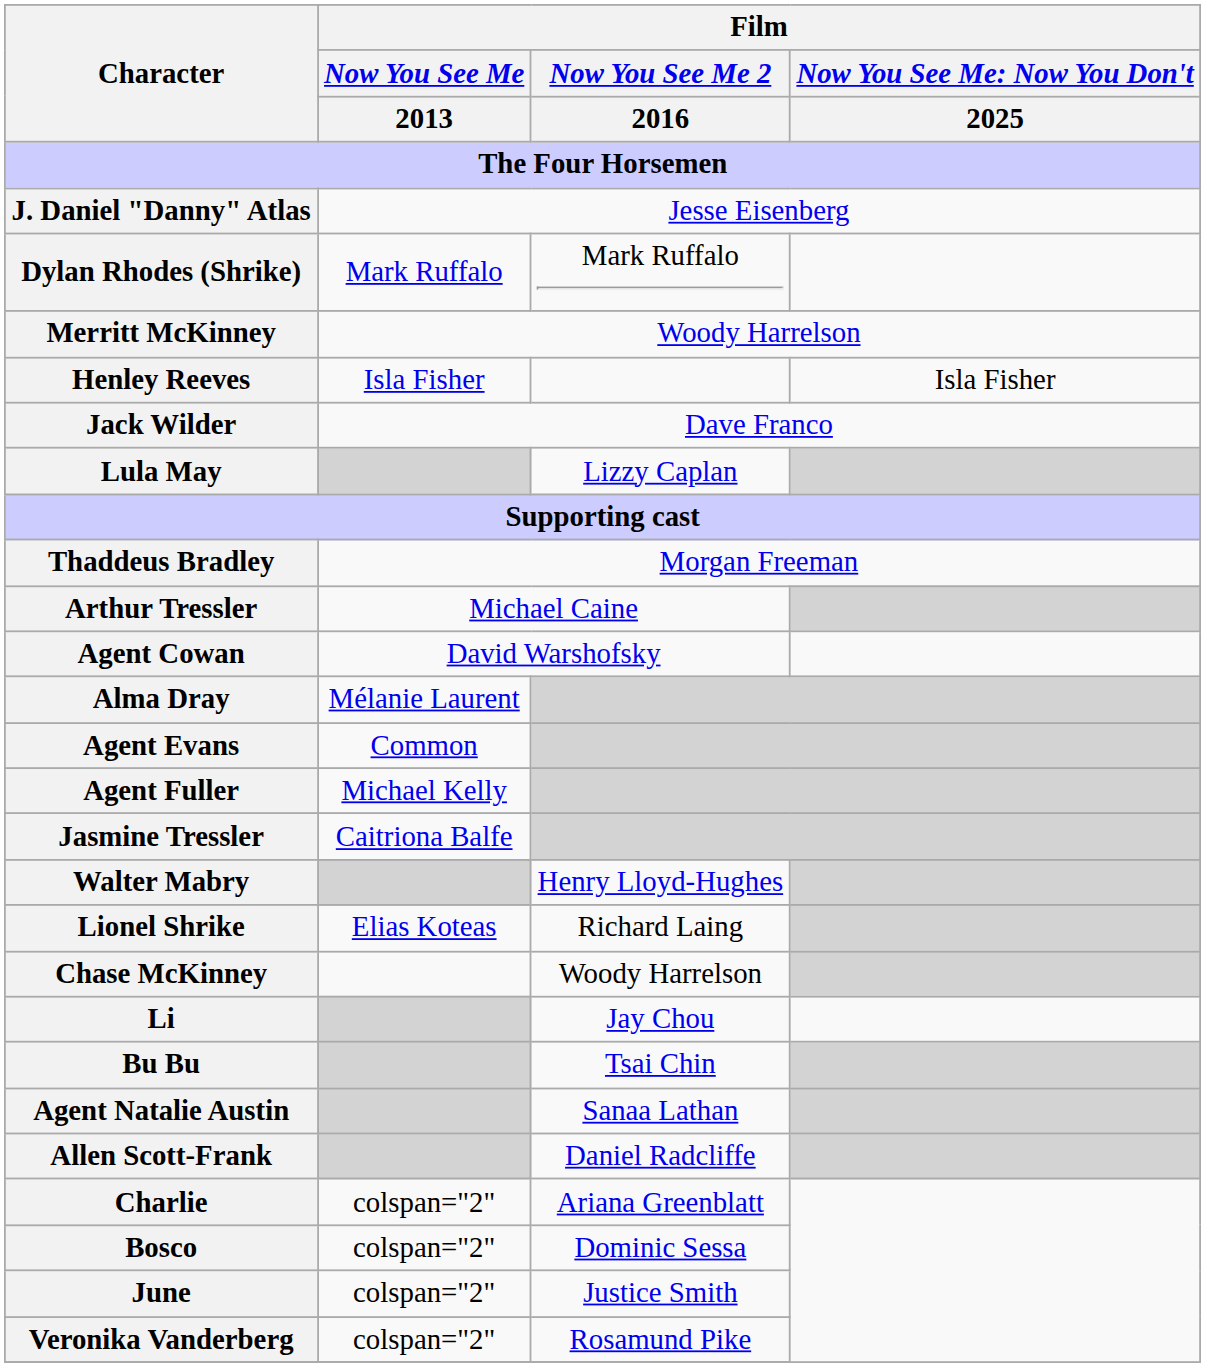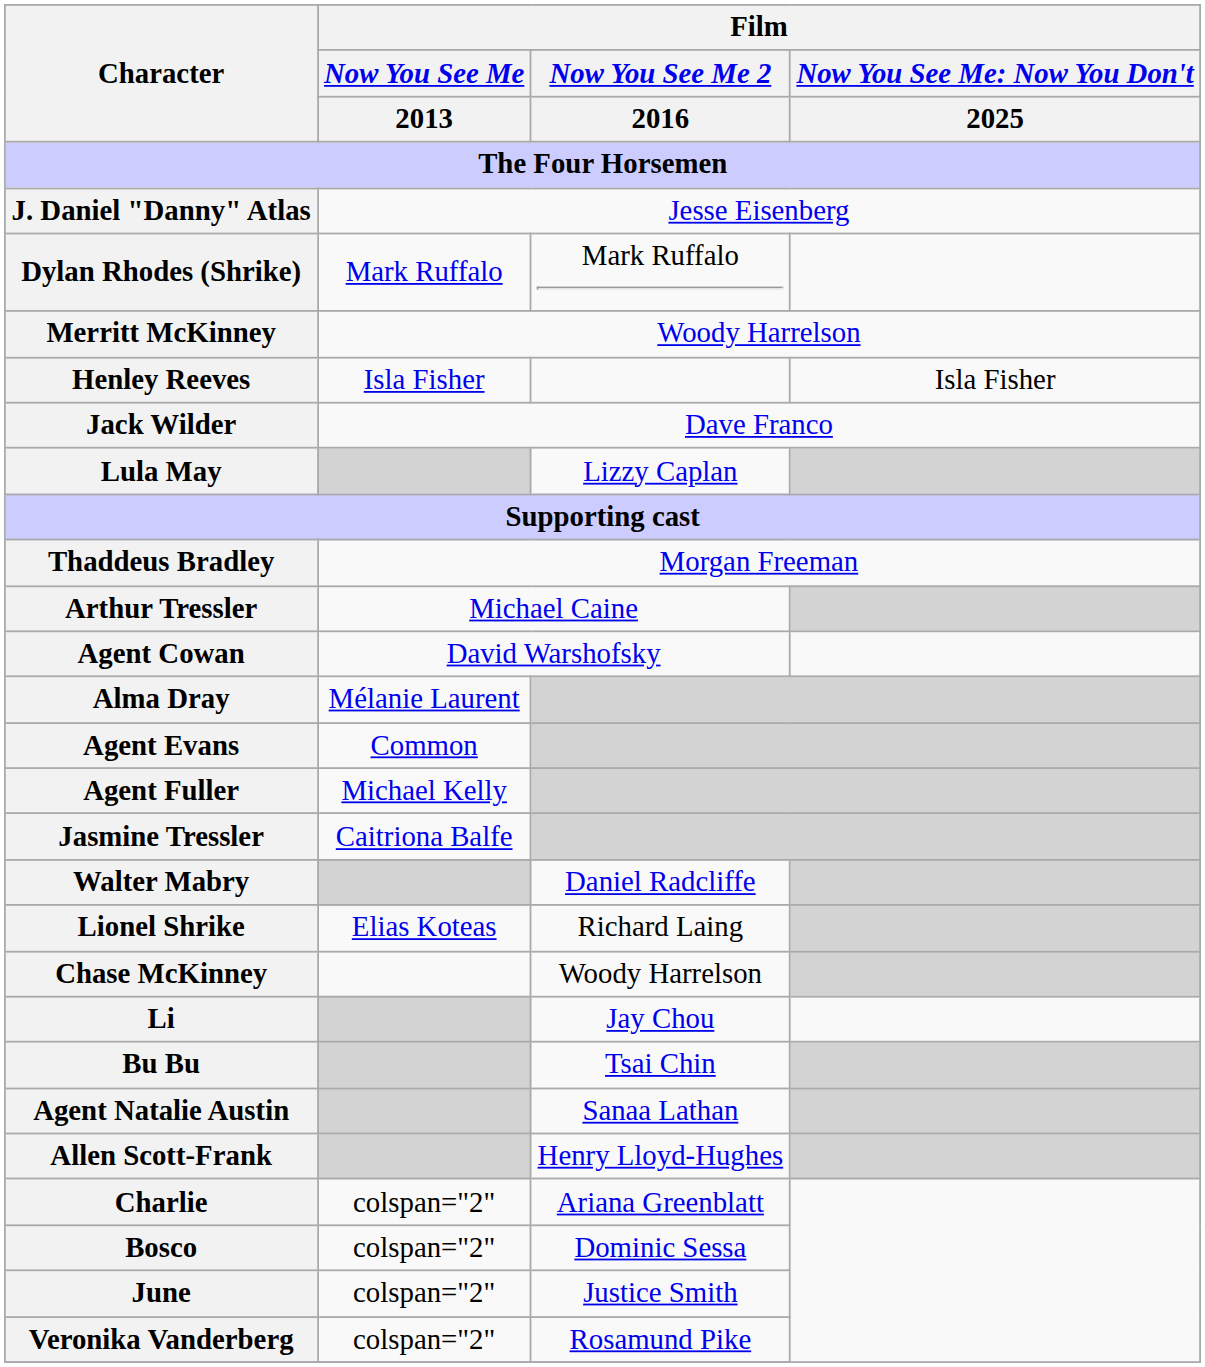 <table class="wikitable plainrowheaders" style="text-align:center">
 <tr>
 <th rowspan="3">Character</th>
 <th colspan="3">Film</th>
 </tr>
 <tr>
 <th><em><a href='#'>Now You See Me</a></em></th>
 <th><em><a href='#'>Now You See Me 2</a></em></th>
 <th><em><a href='#'>Now You See Me: Now You Don't</a></em></th>
 </tr>
 <tr>
 <th>2013</th>
 <th>2016</th>
 <th>2025</th>
 </tr>
 <tr>
 <th colspan="4" style="background-color:#ccccff;">The Four Horsemen</th>
 </tr>
 <tr>
 <th>J. Daniel "Danny" Atlas</th>
 <td colspan="3"><a href='#'>Jesse Eisenberg</a></td>
 </tr>
 <tr>
 <th>Dylan Rhodes (Shrike)</th>
 <td><a href='#'>Mark Ruffalo</a></td>
 <td>Mark Ruffalo<hr></td>
 <td></td>
 </tr>
 <tr>
 <th>Merritt McKinney</th>
 <td colspan="3"><a href='#'>Woody Harrelson</a></td>
 </tr>
 <tr>
 <th>Henley Reeves</th>
 <td><a href='#'>Isla Fisher</a></td>
 <td></td>
 <td>Isla Fisher</td>
 </tr>
 <tr>
 <th>Jack Wilder</th>
 <td colspan="3"><a href='#'>Dave Franco</a></td>
 </tr>
 <tr>
 <th>Lula May</th>
 <td style="background:lightgrey;"> </td>
 <td><a href='#'>Lizzy Caplan</a></td>
 <td style="background:lightgrey;"> </td>
 </tr>
 <tr>
 <th colspan="4" style="background-color:#ccccff;">Supporting cast</th>
 </tr>
 <tr>
 <th>Thaddeus Bradley</th>
 <td colspan="3"><a href='#'>Morgan Freeman</a></td>
 </tr>
 <tr>
 <th>Arthur Tressler</th>
 <td colspan="2"><a href='#'>Michael Caine</a></td>
 <td colspan="1" style="background:lightgrey;"> </td>
 </tr>
 <tr>
 <th>Agent Cowan</th>
 <td colspan="2"><a href='#'>David Warshofsky</a></td>
 <td></td>
 </tr>
 <tr>
 <th>Alma Dray</th>
 <td><a href='#'>Mélanie Laurent</a></td>
 <td colspan="2" style="background:lightgrey;"> </td>
 </tr>
 <tr>
 <th>Agent Evans</th>
 <td><a href='#'>Common</a></td>
 <td colspan="2" style="background:lightgrey;"> </td>
 </tr>
 <tr>
 <th>Agent Fuller</th>
 <td><a href='#'>Michael Kelly</a></td>
 <td colspan="2" style="background:lightgrey;"> </td>
 </tr>
 <tr>
 <th>Jasmine Tressler</th>
 <td><a href='#'>Caitriona Balfe</a></td>
 <td colspan="2" style="background:lightgrey;"> </td>
 </tr>
 <tr>
 <th>Walter Mabry</th>
 <td style="background:lightgrey;"> </td>
-<td><a href='#'>Henry Lloyd-Hughes</a></td>
+<td><a href='#'>Daniel Radcliffe</a></td>
 <td style="background:lightgrey;"> </td>
 </tr>
 <tr>
 <th>Lionel Shrike</th>
 <td><a href='#'>Elias Koteas</a></td>
 <td>Richard Laing</td>
 <td style="background:lightgrey;"> </td>
 </tr>
 <tr>
 <th>Chase McKinney</th>
 <td></td>
 <td>Woody Harrelson</td>
 <td style="background:lightgrey;"> </td>
 </tr>
 <tr>
 <th>Li</th>
 <td style="background:lightgrey;"> </td>
 <td><a href='#'>Jay Chou</a></td>
 <td></td>
 </tr>
 <tr>
 <th>Bu Bu</th>
 <td style="background:lightgrey;"> </td>
 <td><a href='#'>Tsai Chin</a></td>
 <td style="background:lightgrey;"> </td>
 </tr>
 <tr>
 <th>Agent Natalie Austin</th>
 <td style="background:lightgrey;"> </td>
 <td><a href='#'>Sanaa Lathan</a></td>
 <td style="background:lightgrey;"> </td>
 </tr>
 <tr>
 <th>Allen Scott-Frank</th>
 <td style="background:lightgrey;"> </td>
-<td><a href='#'>Daniel Radcliffe</a></td>
+<td><a href='#'>Henry Lloyd-Hughes</a></td>
 <td style="background:lightgrey;"> </td>
 </tr>
 <tr>
 <th>Charlie</th>
 <td>colspan="2" </td>
 <td><a href='#'>Ariana Greenblatt</a></td>
 </tr>
 <tr>
 <th>Bosco</th>
 <td>colspan="2" </td>
 <td><a href='#'>Dominic Sessa</a></td>
 </tr>
 <tr>
 <th>June</th>
 <td>colspan="2" </td>
 <td><a href='#'>Justice Smith</a></td>
 </tr>
 <tr>
 <th>Veronika Vanderberg</th>
 <td>colspan="2" </td>
 <td><a href='#'>Rosamund Pike</a></td>
 </tr>
 <tr>
 </tr>
 </table>
